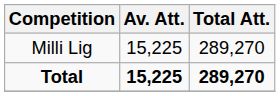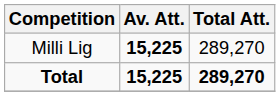 <table class="wikitable" style="text-align: center">
 <tr>
 <th>Competition</th>
 <th>Av. Att.</th>
 <th>Total Att.</th>
 </tr>
 <tr>
 <td>Milli Lig</td>
-<td>15,225</td>
+<td><strong>15,225</strong></td>
 <td>289,270</td>
 </tr>
 <tr>
 <td><strong>Total</strong></td>
 <td><strong> 15,225</strong></td>
 <td><strong>289,270</strong></td>
 </tr>
 <tr>
 </tr>
 </table>
